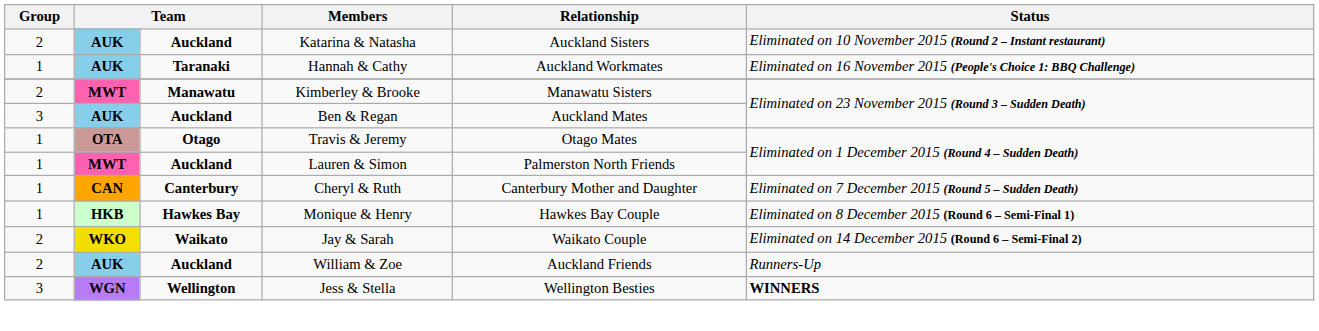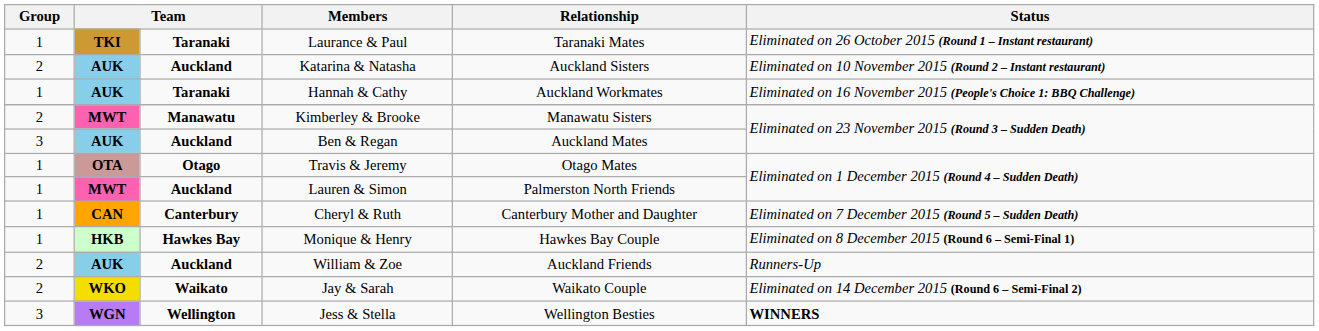 <table class="wikitable" style="text-align: center; font-size: 9pt; line-height:14px; width:85%">
 <tr>
 <th>Group</th>
 <th colspan="2">Team</th>
 <th>Members</th>
 <th>Relationship</th>
 <th>Status</th>
+</tr>
+<tr>
+<td>1</td>
+<td scope="row" align="center" style="background:#CC9933;"><strong>TKI</strong></td>
+<td><strong>Taranaki</strong></td>
+<td>Laurance & Paul</td>
+<td>Taranaki Mates</td>
+<td style="text-align: left;"><em>Eliminated on 26 October 2015</em> <small><strong><em>(Round 1 – Instant restaurant)</em></strong></small> </td>
 </tr>
 <tr>
 <td>2</td>
 <td scope="row" align="center" style="background-color:skyblue;"><strong>AUK</strong></td>
 <td><strong>Auckland</strong></td>
 <td>Katarina & Natasha</td>
 <td>Auckland Sisters</td>
 <td style="text-align: left;"><em>Eliminated on 10 November 2015</em> <small><strong><em>(Round 2 – Instant restaurant)</em></strong></small> </td>
 </tr>
 <tr>
 <td>1</td>
 <td scope="row" align="center" style="background-color:skyblue;"><strong>AUK</strong></td>
 <td><strong>Taranaki</strong></td>
 <td>Hannah & Cathy</td>
 <td>Auckland Workmates</td>
 <td style="text-align: left;"><em>Eliminated on 16 November 2015</em> <small><strong><em>(People's Choice 1: BBQ Challenge)</em></strong></small> </td>
 </tr>
 <tr>
 </tr>
 <tr>
 <td>2</td>
 <td scope="row" align="center" style="background:#FF61B1;"><strong>MWT</strong></td>
 <td><strong>Manawatu</strong></td>
 <td>Kimberley & Brooke</td>
 <td>Manawatu Sisters</td>
 <td rowspan="2" style="text-align: left;"><em>Eliminated on 23 November 2015</em> <small><strong><em>(Round 3 – Sudden Death)</em></strong></small> </td>
 </tr>
 <tr>
 <td>3</td>
 <td scope="row" align="center" style="background-color:skyblue;"><strong>AUK</strong></td>
 <td><strong>Auckland</strong></td>
 <td>Ben & Regan</td>
 <td>Auckland Mates</td>
 </tr>
 <tr>
 <td>1</td>
 <td scope="row" align="center" style="background-color:#CC9999;"><strong>OTA</strong></td>
 <td><strong>Otago</strong></td>
 <td>Travis & Jeremy</td>
 <td>Otago Mates</td>
 <td rowspan="2" style="text-align: left;"><em>Eliminated on 1 December 2015</em> <small><strong><em>(Round 4 – Sudden Death)</em></strong></small> </td>
 </tr>
 <tr>
 <td>1</td>
 <td scope="row" align="center" style="background:#FF61B1;"><strong>MWT</strong></td>
 <td><strong>Auckland</strong></td>
 <td>Lauren & Simon</td>
 <td>Palmerston North Friends</td>
 </tr>
 <tr>
 <td>1</td>
 <td scope="row" align="center" style="background:orange;"><strong>CAN</strong></td>
 <td><strong>Canterbury</strong></td>
 <td>Cheryl & Ruth</td>
 <td>Canterbury Mother and Daughter</td>
 <td style="text-align: left;"><em>Eliminated on 7 December 2015</em> <small><strong><em>(Round 5 – Sudden Death)</em></strong></small></td>
 </tr>
 <tr>
 <td>1</td>
 <td scope="row" align="center" style="background:#CCFFCC;"><strong>HKB</strong></td>
 <td><strong>Hawkes Bay</strong></td>
 <td>Monique & Henry</td>
 <td>Hawkes Bay Couple</td>
 <td style="text-align: left;"><em>Eliminated on 8 December 2015</em> <small><strong>(Round 6 – Semi-Final 1)</strong></small></td>
 </tr>
 <tr>
 <td>2</td>
+<td scope="row" align="center" style="background-color:skyblue;"><strong>AUK</strong></td>
+<td><strong>Auckland</strong></td>
+<td>William & Zoe</td>
+<td>Auckland Friends</td>
+<td style="text-align: left;"><em>Runners-Up</em></td>
+</tr>
+<tr>
+<td>2</td>
 <td scope="row" align="center" style='background:#F4DE00;'><strong>WKO</strong></td>
 <td><strong>Waikato</strong></td>
 <td>Jay & Sarah</td>
 <td>Waikato Couple</td>
 <td style="text-align: left;"><em>Eliminated on 14 December 2015</em> <small><strong>(Round 6 – Semi-Final 2)</strong></small></td>
-</tr>
-<tr>
-<td>2</td>
-<td scope="row" align="center" style="background-color:skyblue;"><strong>AUK</strong></td>
-<td><strong>Auckland</strong></td>
-<td>William & Zoe</td>
-<td>Auckland Friends</td>
-<td style="text-align: left;"><em>Runners-Up</em></td>
 </tr>
 <tr>
 <td>3</td>
 <td scope="row" align="center" style='background:#B87BF6;'><strong>WGN</strong></td>
 <td><strong>Wellington</strong></td>
 <td>Jess & Stella</td>
 <td>Wellington Besties</td>
 <td style="text-align: left;"><strong>WINNERS</strong></td>
 </tr>
 </table>
